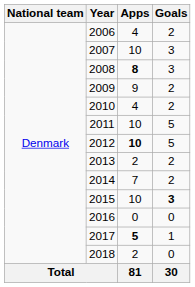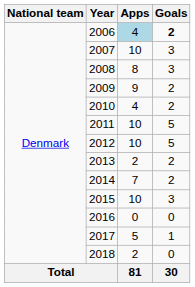 <table class="wikitable" style="text-align:center">
 <tr>
 <th>National team</th>
 <th>Year</th>
 <th>Apps</th>
 <th>Goals</th>
 </tr>
 <tr>
 <td rowspan="13"><a href='#'>Denmark</a></td>
 <td>2006</td>
-<td>4</td>
-<td>2</td>
+<td style="background: lightblue;">4</td>
+<td><strong>2</strong></td>
 </tr>
 <tr>
 <td>2007</td>
 <td>10</td>
 <td>3</td>
 </tr>
 <tr>
 <td>2008</td>
-<td><strong>8</strong></td>
+<td>8</td>
 <td>3</td>
 </tr>
 <tr>
 <td>2009</td>
 <td>9</td>
 <td>2</td>
 </tr>
 <tr>
 <td>2010</td>
 <td>4</td>
 <td>2</td>
 </tr>
 <tr>
 <td>2011</td>
 <td>10</td>
 <td>5</td>
 </tr>
 <tr>
 <td>2012</td>
-<td><strong>10</strong></td>
+<td>10</td>
 <td>5</td>
 </tr>
 <tr>
 <td>2013</td>
 <td>2</td>
 <td>2</td>
 </tr>
 <tr>
 <td>2014</td>
 <td>7</td>
 <td>2</td>
 </tr>
 <tr>
 <td>2015</td>
 <td>10</td>
-<td><strong>3</strong></td>
+<td>3</td>
 </tr>
 <tr>
 <td>2016</td>
 <td>0</td>
 <td>0</td>
 </tr>
 <tr>
 <td>2017</td>
-<td><strong>5</strong></td>
+<td>5</td>
 <td>1</td>
 </tr>
 <tr>
 <td>2018</td>
 <td>2</td>
 <td>0</td>
 </tr>
 <tr>
 <th colspan="2">Total</th>
 <th>81</th>
 <th>30</th>
 </tr>
 </table>
